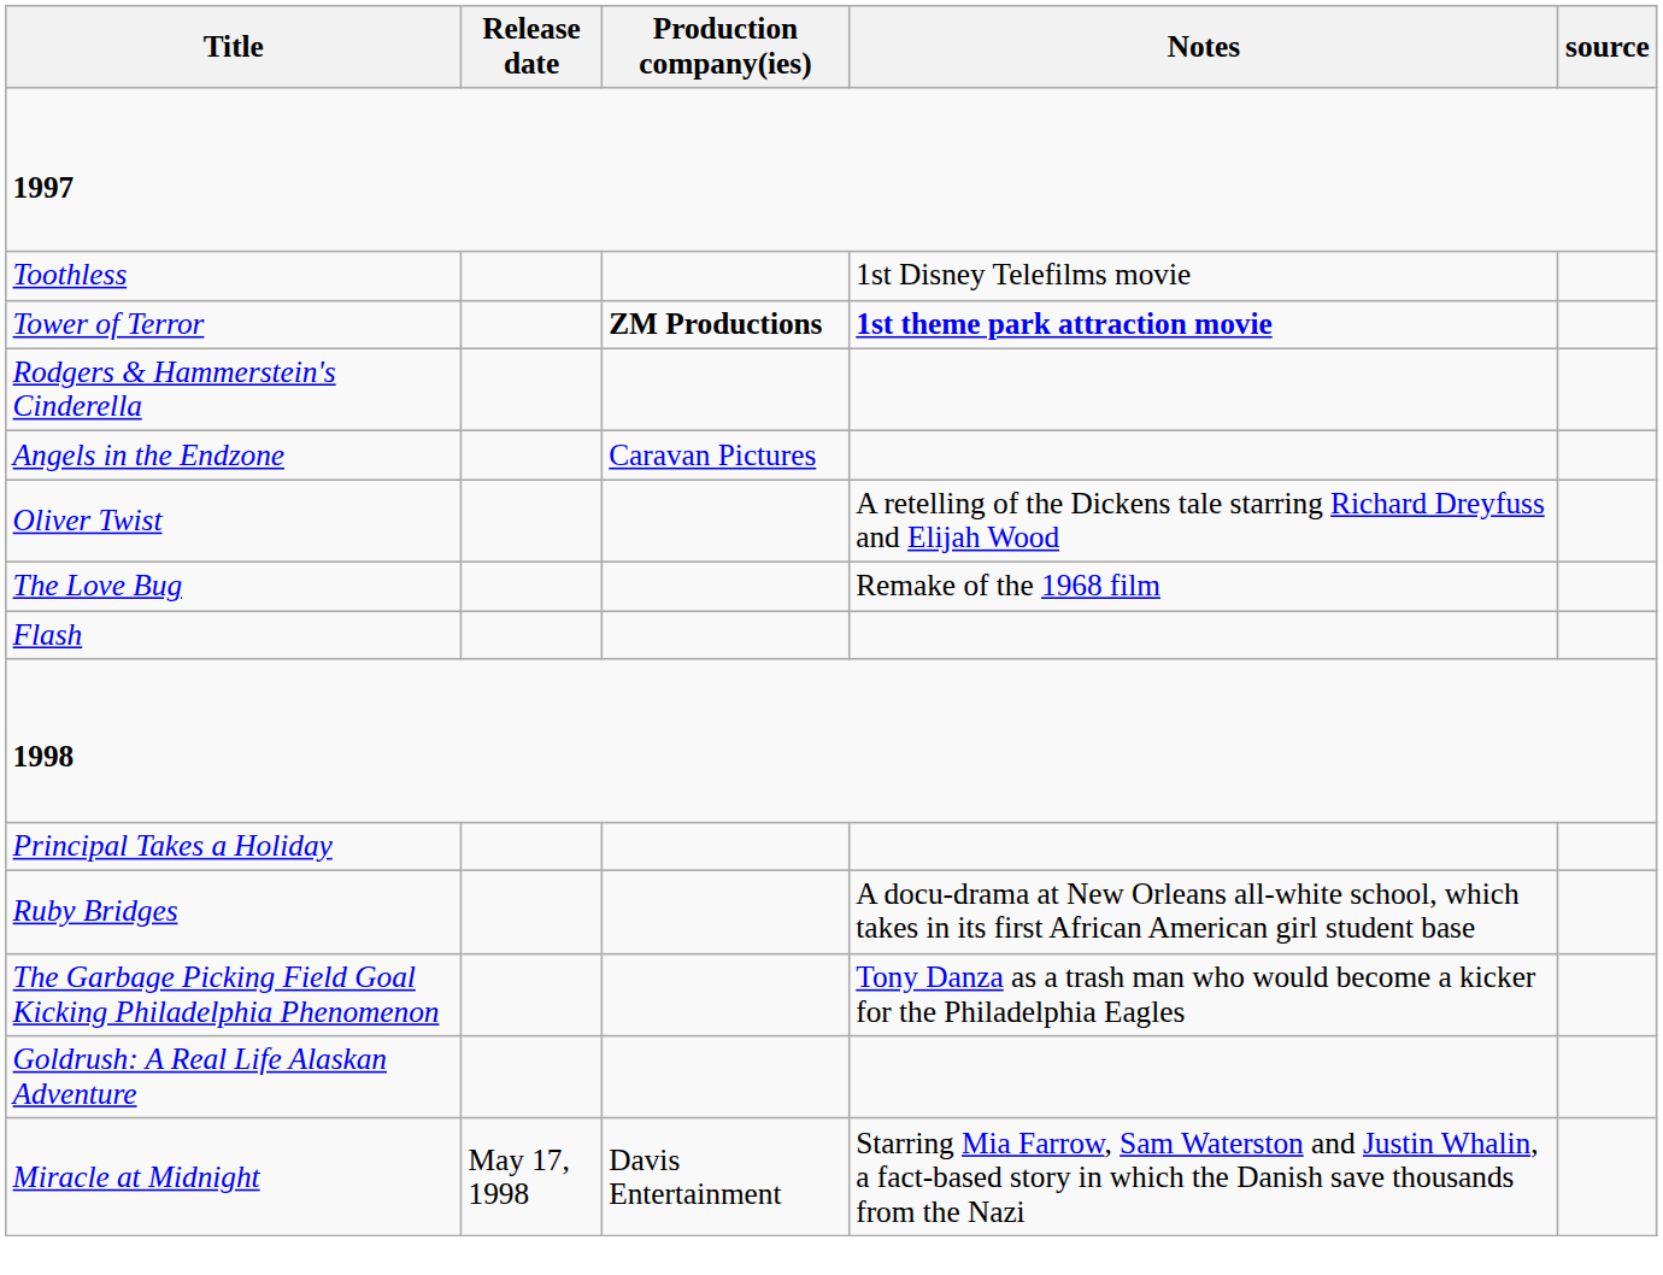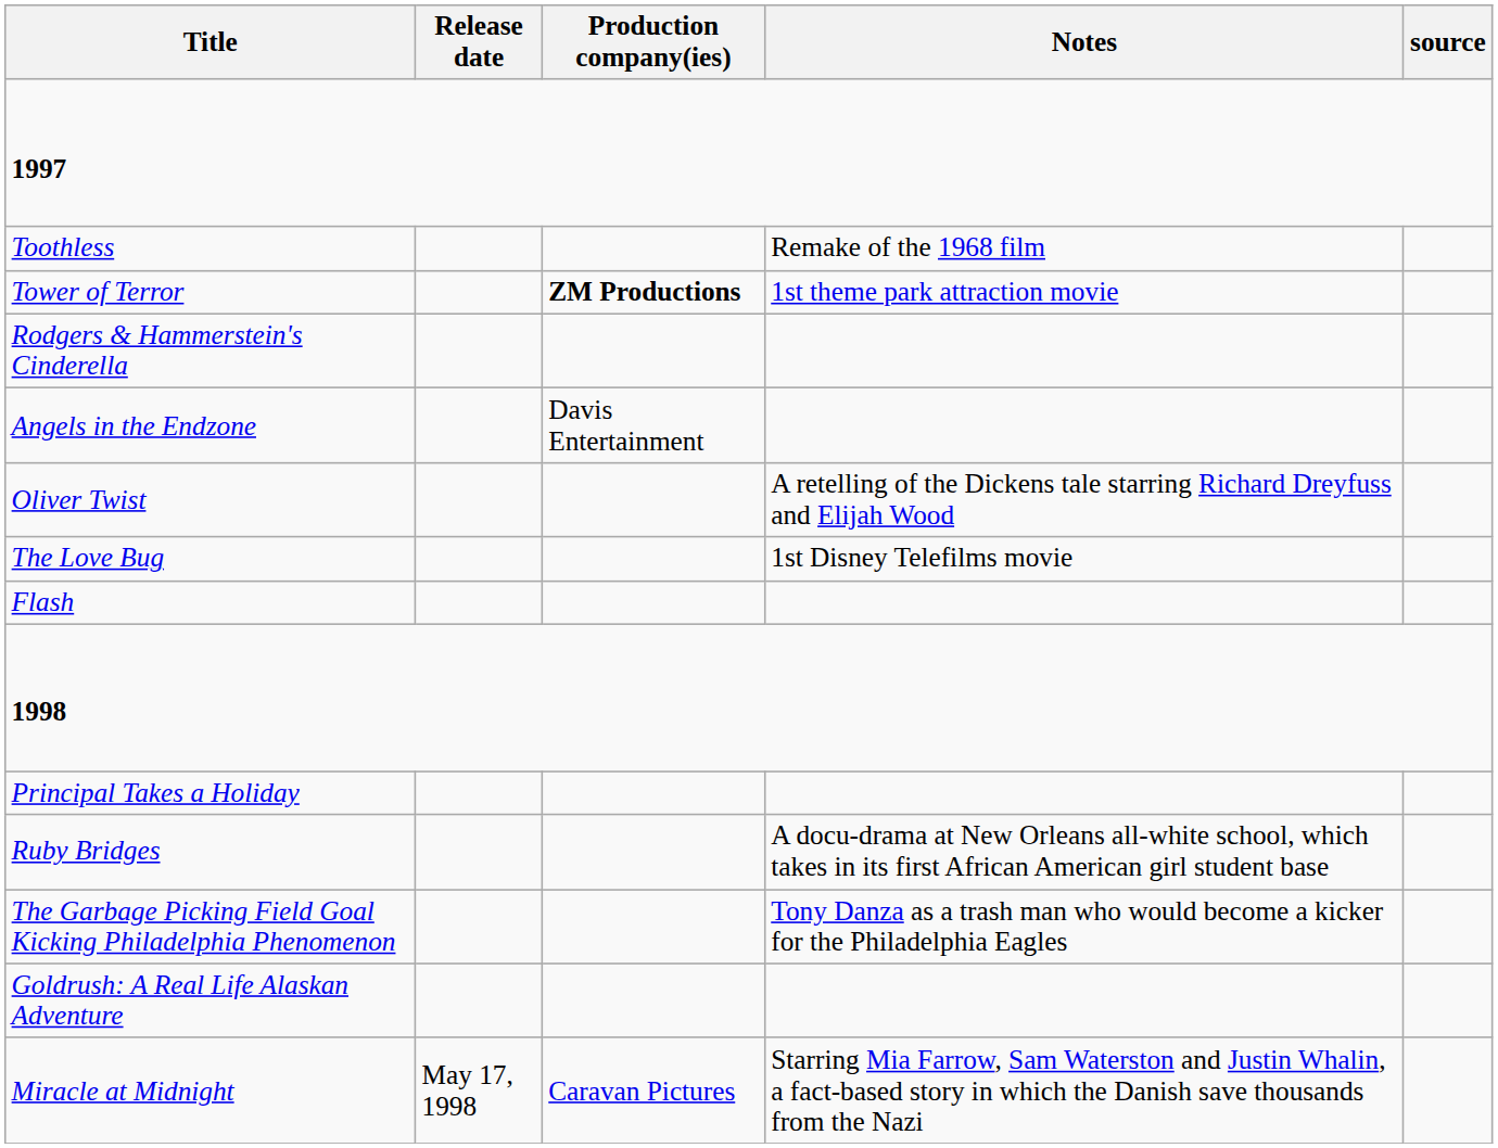 <table class="wikitable sortable">
 <tr>
 <th>Title</th>
 <th>Release date</th>
 <th>Production company(ies)</th>
 <th>Notes</th>
 <th>source</th>
 </tr>
 <tr>
 <td colspan=6><br><h4>1997</h4></td>
 </tr>
 <tr>
 <td><em><a href='#'>Toothless</a></em></td>
 <td></td>
 <td></td>
-<td>1st Disney Telefilms movie</td>
+<td>Remake of the <a href='#'>1968 film</a></td>
 <td></td>
 </tr>
 <tr>
 <td><em><a href='#'>Tower of Terror</a></em></td>
 <td></td>
 <td><strong>ZM Productions</strong></td>
-<td><strong><a href='#'>1st theme park attraction movie</a></strong></td>
+<td><a href='#'>1st theme park attraction movie</a></td>
 <td></td>
 </tr>
 <tr>
 <td><em><a href='#'>Rodgers & Hammerstein's Cinderella</a></em></td>
 <td></td>
 <td></td>
 <td></td>
 <td></td>
 </tr>
 <tr>
 <td><em><a href='#'>Angels in the Endzone</a></em></td>
 <td></td>
-<td><a href='#'>Caravan Pictures</a></td>
+<td>Davis Entertainment</td>
 <td></td>
 <td></td>
 </tr>
 <tr>
 <td><em><a href='#'>Oliver Twist</a></em></td>
 <td></td>
 <td></td>
 <td>A retelling of the Dickens tale starring <a href='#'>Richard Dreyfuss</a> and <a href='#'>Elijah Wood</a></td>
 <td></td>
 </tr>
 <tr>
 <td><em><a href='#'>The Love Bug</a></em></td>
 <td></td>
 <td></td>
-<td>Remake of the <a href='#'>1968 film</a></td>
+<td>1st Disney Telefilms movie</td>
 <td></td>
 </tr>
 <tr>
 <td><em><a href='#'>Flash</a></em></td>
 <td></td>
 <td></td>
 <td></td>
 <td></td>
 </tr>
 <tr>
 <td colspan=5><br><h4>1998</h4></td>
 </tr>
 <tr>
 <td><em><a href='#'>Principal Takes a Holiday</a></em></td>
 <td></td>
 <td></td>
 <td></td>
 <td></td>
 </tr>
 <tr>
 <td><em><a href='#'>Ruby Bridges</a></em></td>
 <td></td>
 <td></td>
 <td>A docu-drama at New Orleans all-white school, which takes in its first African American girl student base</td>
 <td></td>
 </tr>
 <tr>
 <td><em><a href='#'>The Garbage Picking Field Goal Kicking Philadelphia Phenomenon</a></em></td>
 <td></td>
 <td></td>
 <td><a href='#'>Tony Danza</a> as a trash man who would become a kicker for the Philadelphia Eagles</td>
 <td></td>
 </tr>
 <tr>
 <td><em><a href='#'>Goldrush: A Real Life Alaskan Adventure</a></em></td>
 <td></td>
 <td></td>
 <td></td>
 <td></td>
 </tr>
 <tr>
 <td><em><a href='#'>Miracle at Midnight</a></em></td>
 <td>May 17, 1998</td>
-<td>Davis Entertainment</td>
+<td><a href='#'>Caravan Pictures</a></td>
 <td>Starring <a href='#'>Mia Farrow</a>, <a href='#'>Sam Waterston</a> and <a href='#'>Justin Whalin</a>, a fact-based story in which the Danish save thousands from the Nazi</td>
 <td></td>
 </tr>
 </table>
